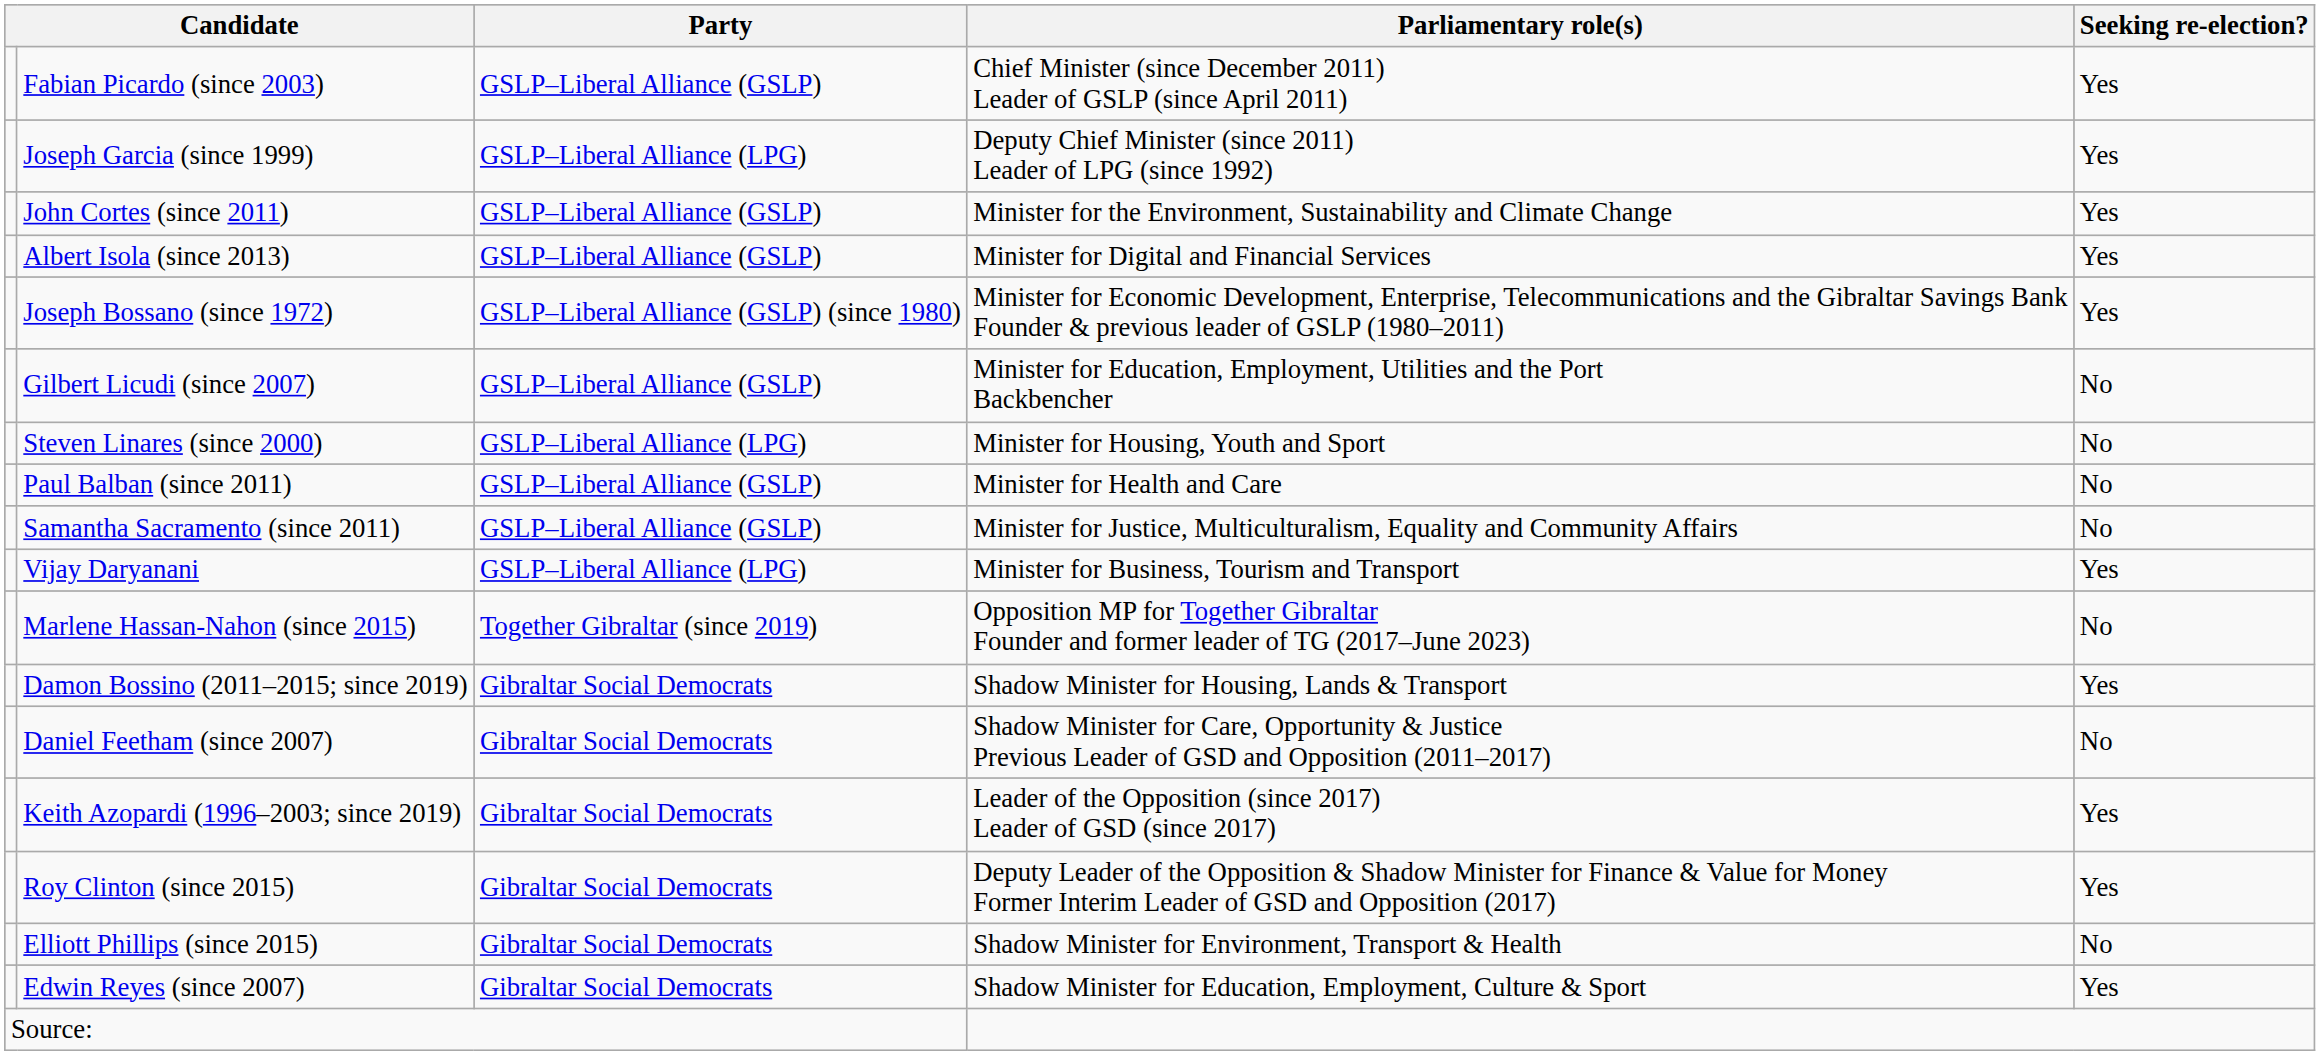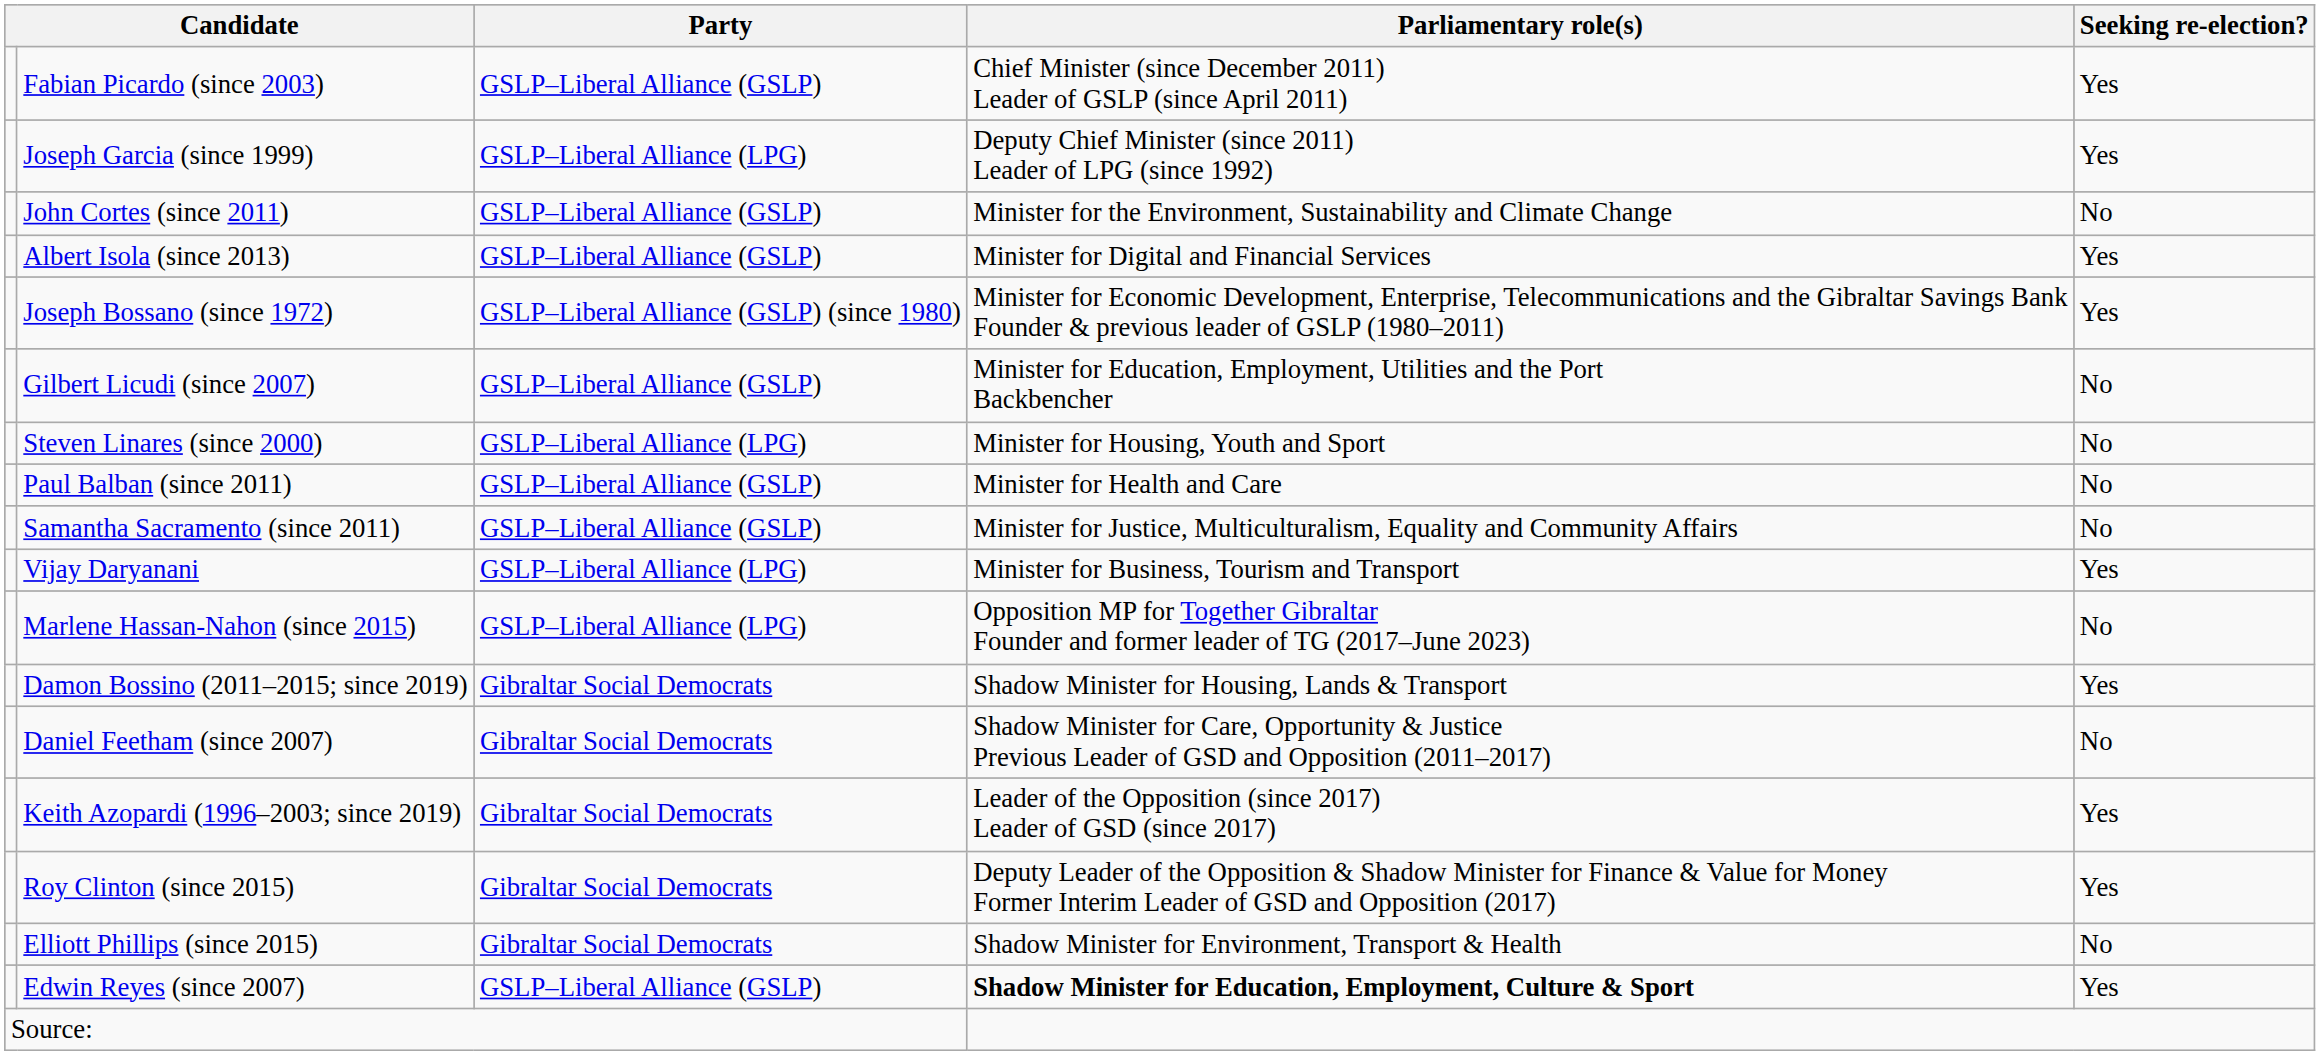 <table class=wikitable>
 <tr>
 <th colspan=2>Candidate</th>
 <th>Party</th>
 <th>Parliamentary role(s)</th>
 <th>Seeking re-election?</th>
 </tr>
 <tr>
 <td style="background-color: "></td>
 <td><a href='#'>Fabian Picardo</a> (since <a href='#'>2003</a>)</td>
 <td><a href='#'>GSLP–Liberal Alliance</a> (<a href='#'>GSLP</a>)</td>
 <td>Chief Minister (since December 2011)<br>Leader of GSLP (since April 2011)</td>
 <td>Yes</td>
 </tr>
 <tr>
 <td style="background-color: "></td>
 <td><a href='#'>Joseph Garcia</a> (since 1999)</td>
 <td><a href='#'>GSLP–Liberal Alliance</a> (<a href='#'>LPG</a>)</td>
 <td>Deputy Chief Minister (since 2011)<br>Leader of LPG (since 1992)</td>
 <td>Yes</td>
 </tr>
 <tr>
 <td style="background-color: "></td>
 <td><a href='#'>John Cortes</a> (since <a href='#'>2011</a>)</td>
 <td><a href='#'>GSLP–Liberal Alliance</a> (<a href='#'>GSLP</a>)</td>
 <td>Minister for the Environment, Sustainability and Climate Change</td>
-<td>Yes</td>
+<td>No</td>
 </tr>
 <tr>
 <td style="background-color: "></td>
 <td><a href='#'>Albert Isola</a> (since 2013)</td>
 <td><a href='#'>GSLP–Liberal Alliance</a> (<a href='#'>GSLP</a>)</td>
 <td>Minister for Digital and Financial Services</td>
 <td>Yes</td>
 </tr>
 <tr>
 <td style="background-color: "></td>
 <td><a href='#'>Joseph Bossano</a> (since <a href='#'>1972</a>)</td>
 <td><a href='#'>GSLP–Liberal Alliance</a> (<a href='#'>GSLP</a>) (since <a href='#'>1980</a>)</td>
 <td>Minister for Economic Development, Enterprise, Telecommunications and the Gibraltar Savings Bank<br>Founder & previous leader of GSLP (1980–2011)</td>
 <td>Yes</td>
 </tr>
 <tr>
 <td style="background-color: "></td>
 <td><a href='#'>Gilbert Licudi</a> (since <a href='#'>2007</a>)</td>
 <td><a href='#'>GSLP–Liberal Alliance</a> (<a href='#'>GSLP</a>)</td>
 <td>Minister for Education, Employment, Utilities and the Port<br>Backbencher</td>
 <td>No</td>
 </tr>
 <tr>
 <td style="background-color: "></td>
 <td><a href='#'>Steven Linares</a> (since <a href='#'>2000</a>)</td>
 <td><a href='#'>GSLP–Liberal Alliance</a> (<a href='#'>LPG</a>)</td>
 <td>Minister for Housing, Youth and Sport</td>
 <td>No</td>
 </tr>
 <tr>
 <td style="background-color: "></td>
 <td><a href='#'>Paul Balban</a> (since 2011)</td>
 <td><a href='#'>GSLP–Liberal Alliance</a> (<a href='#'>GSLP</a>)</td>
 <td>Minister for Health and Care</td>
 <td>No</td>
 </tr>
 <tr>
 <td style="background-color: "></td>
 <td><a href='#'>Samantha Sacramento</a> (since 2011)</td>
 <td><a href='#'>GSLP–Liberal Alliance</a> (<a href='#'>GSLP</a>)</td>
 <td>Minister for Justice, Multiculturalism, Equality and Community Affairs</td>
 <td>No</td>
 </tr>
 <tr>
 <td style="background-color: "></td>
 <td><a href='#'>Vijay Daryanani</a></td>
 <td><a href='#'>GSLP–Liberal Alliance</a> (<a href='#'>LPG</a>)</td>
 <td>Minister for Business, Tourism and Transport</td>
 <td>Yes</td>
 </tr>
 <tr>
 <td style="background-color: "></td>
 <td><a href='#'>Marlene Hassan-Nahon</a> (since <a href='#'>2015</a>)</td>
-<td><a href='#'>Together Gibraltar</a> (since <a href='#'>2019</a>)</td>
+<td><a href='#'>GSLP–Liberal Alliance</a> (<a href='#'>LPG</a>)</td>
 <td>Opposition MP for <a href='#'>Together Gibraltar</a><br>Founder and former leader of TG (2017–June 2023)</td>
 <td>No</td>
 </tr>
 <tr>
 <td style="background-color: "></td>
 <td><a href='#'>Damon Bossino</a> (2011–2015; since 2019)</td>
 <td><a href='#'>Gibraltar Social Democrats</a></td>
 <td>Shadow Minister for Housing, Lands & Transport</td>
 <td>Yes</td>
 </tr>
 <tr>
 <td style="background-color: "></td>
 <td><a href='#'>Daniel Feetham</a> (since 2007)</td>
 <td><a href='#'>Gibraltar Social Democrats</a></td>
 <td>Shadow Minister for Care, Opportunity & Justice<br>Previous Leader of GSD and Opposition (2011–2017)</td>
 <td>No</td>
 </tr>
 <tr>
 <td style="background-color: "></td>
 <td><a href='#'>Keith Azopardi</a> (<a href='#'>1996</a>–2003; since 2019)</td>
 <td><a href='#'>Gibraltar Social Democrats</a></td>
 <td>Leader of the Opposition (since 2017)<br>Leader of GSD (since 2017)</td>
 <td>Yes</td>
 </tr>
 <tr>
 <td style="background-color: "></td>
 <td><a href='#'>Roy Clinton</a> (since 2015)</td>
 <td><a href='#'>Gibraltar Social Democrats</a></td>
 <td>Deputy Leader of the Opposition & Shadow Minister for Finance & Value for Money<br>Former Interim Leader of GSD and Opposition (2017)</td>
 <td>Yes</td>
 </tr>
 <tr>
 <td style="background-color: "></td>
 <td><a href='#'>Elliott Phillips</a> (since 2015)</td>
 <td><a href='#'>Gibraltar Social Democrats</a></td>
 <td>Shadow Minister for Environment, Transport & Health</td>
 <td>No</td>
 </tr>
 <tr>
 <td style="background-color: "></td>
 <td><a href='#'>Edwin Reyes</a> (since 2007)</td>
-<td><a href='#'>Gibraltar Social Democrats</a></td>
-<td>Shadow Minister for Education, Employment, Culture & Sport</td>
+<td><a href='#'>GSLP–Liberal Alliance</a> (<a href='#'>GSLP</a>)</td>
+<td><strong>Shadow Minister for Education, Employment, Culture & Sport</strong></td>
 <td>Yes</td>
 </tr>
 <tr>
 <td colspan=3>Source: </td>
 </tr>
 </table>
